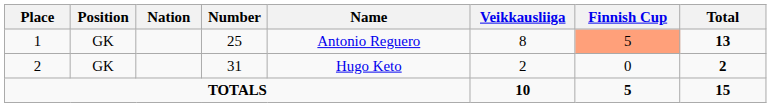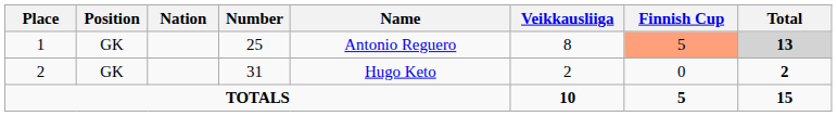 <table class="wikitable" style="font-size: 95%; text-align: center;">
 <tr>
 <th width=60>Place</th>
 <th width=60>Position</th>
 <th width=60>Nation</th>
 <th width=60>Number</th>
 <th width=200>Name</th>
 <th width=100><a href='#'>Veikkausliiga</a></th>
 <th width=100><a href='#'>Finnish Cup</a></th>
 <th width=80><strong>Total</strong></th>
 </tr>
 <tr>
 <td>1</td>
 <td>GK</td>
 <td></td>
 <td>25</td>
 <td><a href='#'>Antonio Reguero</a></td>
 <td>8</td>
 <td style="background: lightsalmon;">5</td>
-<td><strong>13</strong></td>
+<td style="background: lightgrey;"><strong>13</strong></td>
 </tr>
 <tr>
 <td>2</td>
 <td>GK</td>
 <td></td>
 <td>31</td>
 <td><a href='#'>Hugo Keto</a></td>
 <td>2</td>
 <td>0</td>
 <td><strong>2</strong></td>
 </tr>
 <tr>
 <td colspan="5"><strong>TOTALS</strong></td>
 <td><strong>10</strong></td>
 <td><strong>5</strong></td>
 <td><strong>15</strong></td>
 </tr>
 </table>
